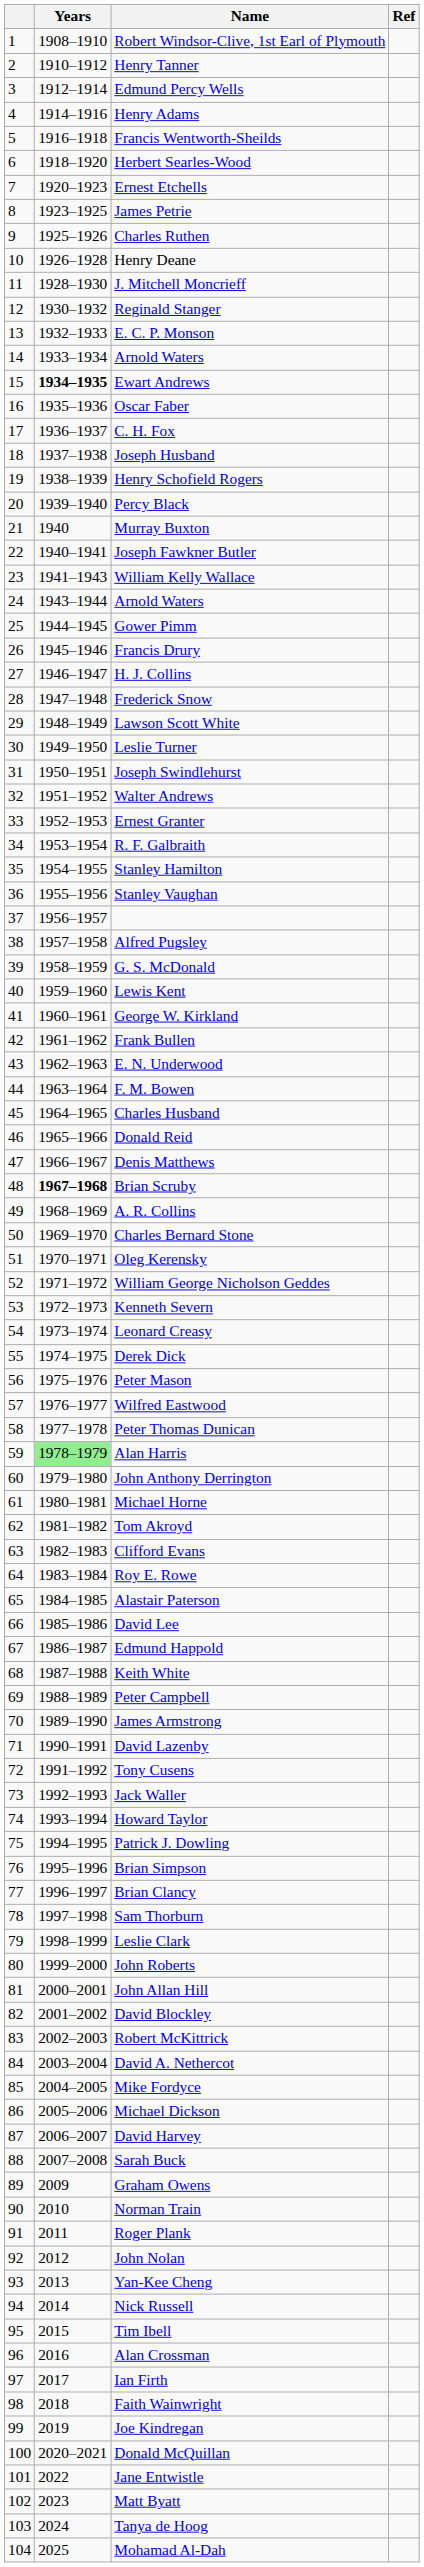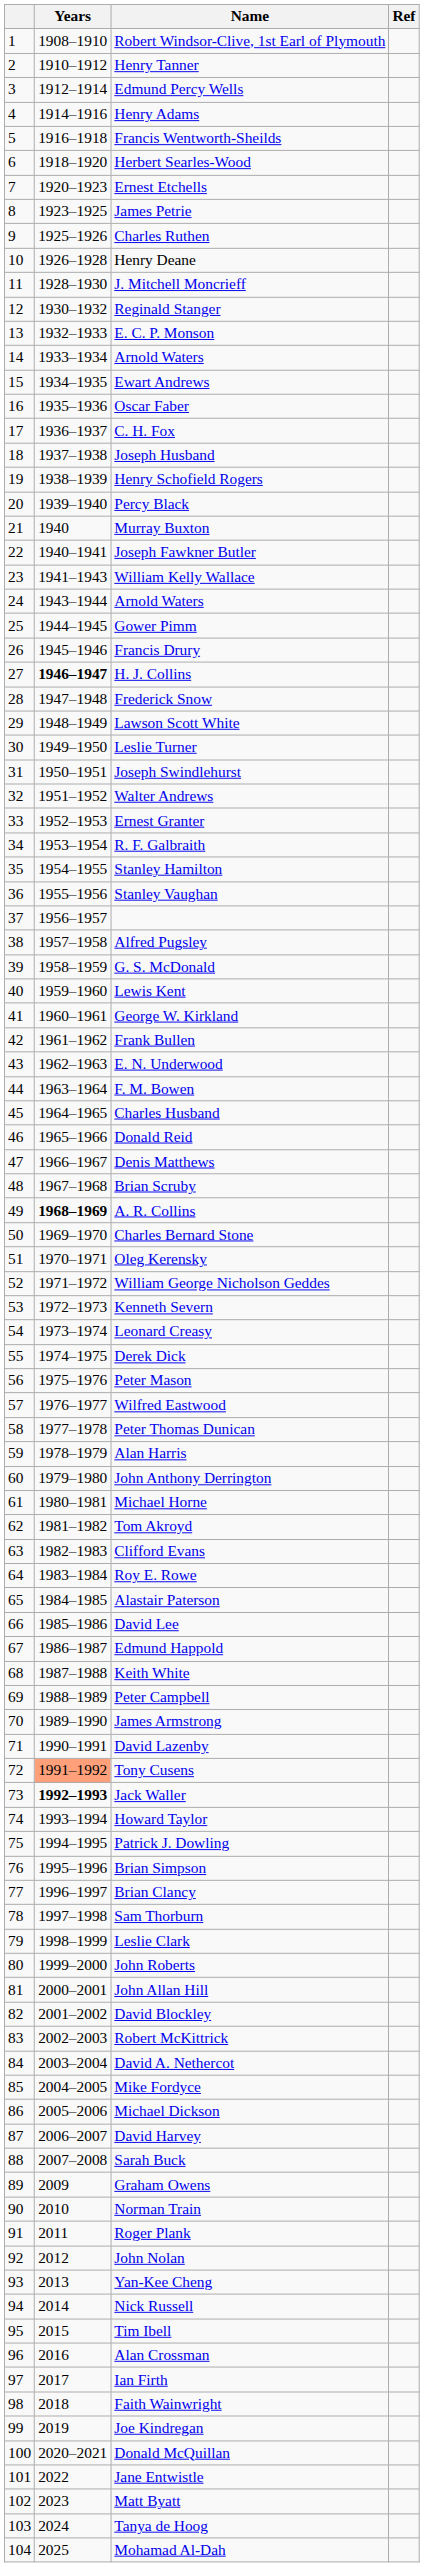 <table class="wikitable sortable">
 <tr>
 <th></th>
 <th class="unsortable">Years</th>
 <th>Name</th>
 <th class="unsortable">Ref</th>
 </tr>
 <tr>
 <td>1</td>
 <td>1908–1910</td>
 <td><a href='#'>Robert Windsor-Clive, 1st Earl of Plymouth</a></td>
 <td></td>
 </tr>
 <tr>
 <td>2</td>
 <td>1910–1912</td>
 <td><a href='#'>Henry Tanner</a></td>
 <td></td>
 </tr>
 <tr>
 <td>3</td>
 <td>1912–1914</td>
 <td><a href='#'>Edmund Percy Wells</a></td>
 <td></td>
 </tr>
 <tr>
 <td>4</td>
 <td>1914–1916</td>
 <td><a href='#'>Henry Adams</a></td>
 <td></td>
 </tr>
 <tr>
 <td>5</td>
 <td>1916–1918</td>
 <td><a href='#'>Francis Wentworth-Sheilds</a></td>
 <td></td>
 </tr>
 <tr>
 <td>6</td>
 <td>1918–1920</td>
 <td><a href='#'>Herbert Searles-Wood</a></td>
 <td></td>
 </tr>
 <tr>
 <td>7</td>
 <td>1920–1923</td>
 <td><a href='#'>Ernest Etchells</a></td>
 <td></td>
 </tr>
 <tr>
 <td>8</td>
 <td>1923–1925</td>
 <td><a href='#'>James Petrie</a></td>
 <td></td>
 </tr>
 <tr>
 <td>9</td>
 <td>1925–1926</td>
 <td><a href='#'>Charles Ruthen</a></td>
 <td></td>
 </tr>
 <tr>
 <td>10</td>
 <td>1926–1928</td>
 <td>Henry Deane</td>
 <td></td>
 </tr>
 <tr>
 <td>11</td>
 <td>1928–1930</td>
 <td><a href='#'>J. Mitchell Moncrieff</a></td>
 <td></td>
 </tr>
 <tr>
 <td>12</td>
 <td>1930–1932</td>
 <td><a href='#'>Reginald Stanger</a></td>
 <td></td>
 </tr>
 <tr>
 <td>13</td>
 <td>1932–1933</td>
 <td><a href='#'>E. C. P. Monson</a></td>
 <td></td>
 </tr>
 <tr>
 <td>14</td>
 <td>1933–1934</td>
 <td><a href='#'>Arnold Waters</a></td>
 <td></td>
 </tr>
 <tr>
 <td>15</td>
-<td><strong>1934–1935</strong></td>
+<td>1934–1935</td>
 <td><a href='#'>Ewart Andrews</a></td>
 <td></td>
 </tr>
 <tr>
 <td>16</td>
 <td>1935–1936</td>
 <td><a href='#'>Oscar Faber</a></td>
 <td></td>
 </tr>
 <tr>
 <td>17</td>
 <td>1936–1937</td>
 <td><a href='#'>C. H. Fox</a></td>
 <td></td>
 </tr>
 <tr>
 <td>18</td>
 <td>1937–1938</td>
 <td><a href='#'>Joseph Husband</a></td>
 <td></td>
 </tr>
 <tr>
 <td>19</td>
 <td>1938–1939</td>
 <td><a href='#'>Henry Schofield Rogers</a></td>
 <td></td>
 </tr>
 <tr>
 <td>20</td>
 <td>1939–1940</td>
 <td><a href='#'>Percy Black</a></td>
 <td></td>
 </tr>
 <tr>
 <td>21</td>
 <td>1940</td>
 <td><a href='#'>Murray Buxton</a></td>
 <td></td>
 </tr>
 <tr>
 <td>22</td>
 <td>1940–1941</td>
 <td><a href='#'>Joseph Fawkner Butler</a></td>
 <td></td>
 </tr>
 <tr>
 <td>23</td>
 <td>1941–1943</td>
 <td><a href='#'>William Kelly Wallace</a></td>
 <td></td>
 </tr>
 <tr>
 <td>24</td>
 <td>1943–1944</td>
 <td><a href='#'>Arnold Waters</a></td>
 <td></td>
 </tr>
 <tr>
 <td>25</td>
 <td>1944–1945</td>
 <td><a href='#'>Gower Pimm</a></td>
 <td></td>
 </tr>
 <tr>
 <td>26</td>
 <td>1945–1946</td>
 <td><a href='#'>Francis Drury</a></td>
 <td></td>
 </tr>
 <tr>
 <td>27</td>
-<td>1946–1947</td>
+<td><strong>1946–1947</strong></td>
 <td><a href='#'>H. J. Collins</a></td>
 <td></td>
 </tr>
 <tr>
 <td>28</td>
 <td>1947–1948</td>
 <td><a href='#'>Frederick Snow</a></td>
 <td></td>
 </tr>
 <tr>
 <td>29</td>
 <td>1948–1949</td>
 <td><a href='#'>Lawson Scott White</a></td>
 <td></td>
 </tr>
 <tr>
 <td>30</td>
 <td>1949–1950</td>
 <td><a href='#'>Leslie Turner</a></td>
 <td></td>
 </tr>
 <tr>
 <td>31</td>
 <td>1950–1951</td>
 <td><a href='#'>Joseph Swindlehurst</a></td>
 <td></td>
 </tr>
 <tr>
 <td>32</td>
 <td>1951–1952</td>
 <td><a href='#'>Walter Andrews</a></td>
 <td></td>
 </tr>
 <tr>
 <td>33</td>
 <td>1952–1953</td>
 <td><a href='#'>Ernest Granter</a></td>
 <td></td>
 </tr>
 <tr>
 <td>34</td>
 <td>1953–1954</td>
 <td><a href='#'>R. F. Galbraith</a></td>
 <td></td>
 </tr>
 <tr>
 <td>35</td>
 <td>1954–1955</td>
 <td><a href='#'>Stanley Hamilton</a></td>
 <td></td>
 </tr>
 <tr>
 <td>36</td>
 <td>1955–1956</td>
 <td><a href='#'>Stanley Vaughan</a></td>
 <td></td>
 </tr>
 <tr>
 <td>37</td>
 <td>1956–1957</td>
 <td></td>
 <td></td>
 </tr>
 <tr>
 <td>38</td>
 <td>1957–1958</td>
 <td><a href='#'>Alfred Pugsley</a></td>
 <td></td>
 </tr>
 <tr>
 <td>39</td>
 <td>1958–1959</td>
 <td><a href='#'>G. S. McDonald</a></td>
 <td></td>
 </tr>
 <tr>
 <td>40</td>
 <td>1959–1960</td>
 <td><a href='#'>Lewis Kent</a></td>
 <td></td>
 </tr>
 <tr>
 <td>41</td>
 <td>1960–1961</td>
 <td><a href='#'>George W. Kirkland</a></td>
 <td></td>
 </tr>
 <tr>
 <td>42</td>
 <td>1961–1962</td>
 <td><a href='#'>Frank Bullen</a></td>
 <td></td>
 </tr>
 <tr>
 <td>43</td>
 <td>1962–1963</td>
 <td><a href='#'>E. N. Underwood</a></td>
 <td></td>
 </tr>
 <tr>
 <td>44</td>
 <td>1963–1964</td>
 <td><a href='#'>F. M. Bowen</a></td>
 <td></td>
 </tr>
 <tr>
 <td>45</td>
 <td>1964–1965</td>
 <td><a href='#'>Charles Husband</a></td>
 <td></td>
 </tr>
 <tr>
 <td>46</td>
 <td>1965–1966</td>
 <td><a href='#'>Donald Reid</a></td>
 <td></td>
 </tr>
 <tr>
 <td>47</td>
 <td>1966–1967</td>
 <td><a href='#'>Denis Matthews</a></td>
 <td></td>
 </tr>
 <tr>
 <td>48</td>
-<td><strong>1967–1968</strong></td>
+<td>1967–1968</td>
 <td><a href='#'>Brian Scruby</a></td>
 <td></td>
 </tr>
 <tr>
 <td>49</td>
-<td>1968–1969</td>
+<td><strong>1968–1969</strong></td>
 <td><a href='#'>A. R. Collins</a></td>
 <td></td>
 </tr>
 <tr>
 <td>50</td>
 <td>1969–1970</td>
 <td><a href='#'>Charles Bernard Stone</a></td>
 <td></td>
 </tr>
 <tr>
 <td>51</td>
 <td>1970–1971</td>
 <td><a href='#'>Oleg Kerensky</a></td>
 <td></td>
 </tr>
 <tr>
 <td>52</td>
 <td>1971–1972</td>
 <td><a href='#'>William George Nicholson Geddes</a></td>
 <td></td>
 </tr>
 <tr>
 <td>53</td>
 <td>1972–1973</td>
 <td><a href='#'>Kenneth Severn</a></td>
 <td></td>
 </tr>
 <tr>
 <td>54</td>
 <td>1973–1974</td>
 <td><a href='#'>Leonard Creasy</a></td>
 <td></td>
 </tr>
 <tr>
 <td>55</td>
 <td>1974–1975</td>
 <td><a href='#'>Derek Dick</a></td>
 <td></td>
 </tr>
 <tr>
 <td>56</td>
 <td>1975–1976</td>
 <td><a href='#'>Peter Mason</a></td>
 <td></td>
 </tr>
 <tr>
 <td>57</td>
 <td>1976–1977</td>
 <td><a href='#'>Wilfred Eastwood</a></td>
 <td></td>
 </tr>
 <tr>
 <td>58</td>
 <td>1977–1978</td>
 <td><a href='#'>Peter Thomas Dunican</a></td>
 <td></td>
 </tr>
 <tr>
 <td>59</td>
-<td style="background: lightgreen;">1978–1979</td>
+<td>1978–1979</td>
 <td><a href='#'>Alan Harris</a></td>
 <td></td>
 </tr>
 <tr>
 <td>60</td>
 <td>1979–1980</td>
 <td><a href='#'>John Anthony Derrington</a></td>
 <td></td>
 </tr>
 <tr>
 <td>61</td>
 <td>1980–1981</td>
 <td><a href='#'>Michael Horne</a></td>
 <td></td>
 </tr>
 <tr>
 <td>62</td>
 <td>1981–1982</td>
 <td><a href='#'>Tom Akroyd</a></td>
 <td></td>
 </tr>
 <tr>
 <td>63</td>
 <td>1982–1983</td>
 <td><a href='#'>Clifford Evans</a></td>
 <td></td>
 </tr>
 <tr>
 <td>64</td>
 <td>1983–1984</td>
 <td><a href='#'>Roy E. Rowe</a></td>
 <td></td>
 </tr>
 <tr>
 <td>65</td>
 <td>1984–1985</td>
 <td><a href='#'>Alastair Paterson</a></td>
 <td></td>
 </tr>
 <tr>
 <td>66</td>
 <td>1985–1986</td>
 <td><a href='#'>David Lee</a></td>
 <td></td>
 </tr>
 <tr>
 <td>67</td>
 <td>1986–1987</td>
 <td><a href='#'>Edmund Happold</a></td>
 <td></td>
 </tr>
 <tr>
 <td>68</td>
 <td>1987–1988</td>
 <td><a href='#'>Keith White</a></td>
 <td></td>
 </tr>
 <tr>
 <td>69</td>
 <td>1988–1989</td>
 <td><a href='#'>Peter Campbell</a></td>
 <td></td>
 </tr>
 <tr>
 <td>70</td>
 <td>1989–1990</td>
 <td><a href='#'>James Armstrong</a></td>
 <td></td>
 </tr>
 <tr>
 <td>71</td>
 <td>1990–1991</td>
 <td><a href='#'>David Lazenby</a></td>
 <td></td>
 </tr>
 <tr>
 <td>72</td>
-<td>1991–1992</td>
+<td style="background: lightsalmon;">1991–1992</td>
 <td><a href='#'>Tony Cusens</a></td>
 <td></td>
 </tr>
 <tr>
 <td>73</td>
-<td>1992–1993</td>
+<td><strong>1992–1993</strong></td>
 <td><a href='#'>Jack Waller</a></td>
 <td></td>
 </tr>
 <tr>
 <td>74</td>
 <td>1993–1994</td>
 <td><a href='#'>Howard Taylor</a></td>
 <td></td>
 </tr>
 <tr>
 <td>75</td>
 <td>1994–1995</td>
 <td><a href='#'>Patrick J. Dowling</a></td>
 <td></td>
 </tr>
 <tr>
 <td>76</td>
 <td>1995–1996</td>
 <td><a href='#'>Brian Simpson</a></td>
 <td></td>
 </tr>
 <tr>
 <td>77</td>
 <td>1996–1997</td>
 <td><a href='#'>Brian Clancy</a></td>
 <td></td>
 </tr>
 <tr>
 <td>78</td>
 <td>1997–1998</td>
 <td><a href='#'>Sam Thorburn</a></td>
 <td></td>
 </tr>
 <tr>
 <td>79</td>
 <td>1998–1999</td>
 <td><a href='#'>Leslie Clark</a></td>
 <td></td>
 </tr>
 <tr>
 <td>80</td>
 <td>1999–2000</td>
 <td><a href='#'>John Roberts</a></td>
 <td></td>
 </tr>
 <tr>
 <td>81</td>
 <td>2000–2001</td>
 <td><a href='#'>John Allan Hill</a></td>
 <td></td>
 </tr>
 <tr>
 <td>82</td>
 <td>2001–2002</td>
 <td><a href='#'>David Blockley</a></td>
 <td></td>
 </tr>
 <tr>
 <td>83</td>
 <td>2002–2003</td>
 <td><a href='#'>Robert McKittrick</a></td>
 <td></td>
 </tr>
 <tr>
 <td>84</td>
 <td>2003–2004</td>
 <td><a href='#'>David A. Nethercot</a></td>
 <td></td>
 </tr>
 <tr>
 <td>85</td>
 <td>2004–2005</td>
 <td><a href='#'>Mike Fordyce</a></td>
 <td></td>
 </tr>
 <tr>
 <td>86</td>
 <td>2005–2006</td>
 <td><a href='#'>Michael Dickson</a></td>
 <td></td>
 </tr>
 <tr>
 <td>87</td>
 <td>2006–2007</td>
 <td><a href='#'>David Harvey</a></td>
 <td></td>
 </tr>
 <tr>
 <td>88</td>
 <td>2007–2008</td>
 <td><a href='#'>Sarah Buck</a></td>
 <td></td>
 </tr>
 <tr>
 <td>89</td>
 <td>2009</td>
 <td><a href='#'>Graham Owens</a></td>
 <td></td>
 </tr>
 <tr>
 <td>90</td>
 <td>2010</td>
 <td><a href='#'>Norman Train</a></td>
 <td></td>
 </tr>
 <tr>
 <td>91</td>
 <td>2011</td>
 <td><a href='#'>Roger Plank</a></td>
 <td></td>
 </tr>
 <tr>
 <td>92</td>
 <td>2012</td>
 <td><a href='#'>John Nolan</a></td>
 <td></td>
 </tr>
 <tr>
 <td>93</td>
 <td>2013</td>
 <td><a href='#'>Yan-Kee Cheng</a></td>
 <td></td>
 </tr>
 <tr>
 <td>94</td>
 <td>2014</td>
 <td><a href='#'>Nick Russell</a></td>
 <td></td>
 </tr>
 <tr>
 <td>95</td>
 <td>2015</td>
 <td><a href='#'>Tim Ibell</a></td>
 <td></td>
 </tr>
 <tr>
 <td>96</td>
 <td>2016</td>
 <td><a href='#'>Alan Crossman</a></td>
 <td></td>
 </tr>
 <tr>
 <td>97</td>
 <td>2017</td>
 <td><a href='#'>Ian Firth</a></td>
 <td></td>
 </tr>
 <tr>
 <td>98</td>
 <td>2018</td>
 <td><a href='#'>Faith Wainwright</a></td>
 <td></td>
 </tr>
 <tr>
 <td>99</td>
 <td>2019</td>
 <td><a href='#'>Joe Kindregan</a></td>
 <td></td>
 </tr>
 <tr>
 <td>100</td>
 <td>2020–2021</td>
 <td><a href='#'>Donald McQuillan</a></td>
 <td></td>
 </tr>
 <tr>
 <td>101</td>
 <td>2022</td>
 <td><a href='#'>Jane Entwistle</a></td>
 <td></td>
 </tr>
 <tr>
 <td>102</td>
 <td>2023</td>
 <td><a href='#'>Matt Byatt</a></td>
 <td></td>
 </tr>
 <tr>
 <td>103</td>
 <td>2024</td>
 <td><a href='#'>Tanya de Hoog</a></td>
 <td></td>
 </tr>
 <tr>
 <td>104</td>
 <td>2025</td>
 <td><a href='#'>Mohamad Al-Dah</a></td>
 <td></td>
 </tr>
 </table>
